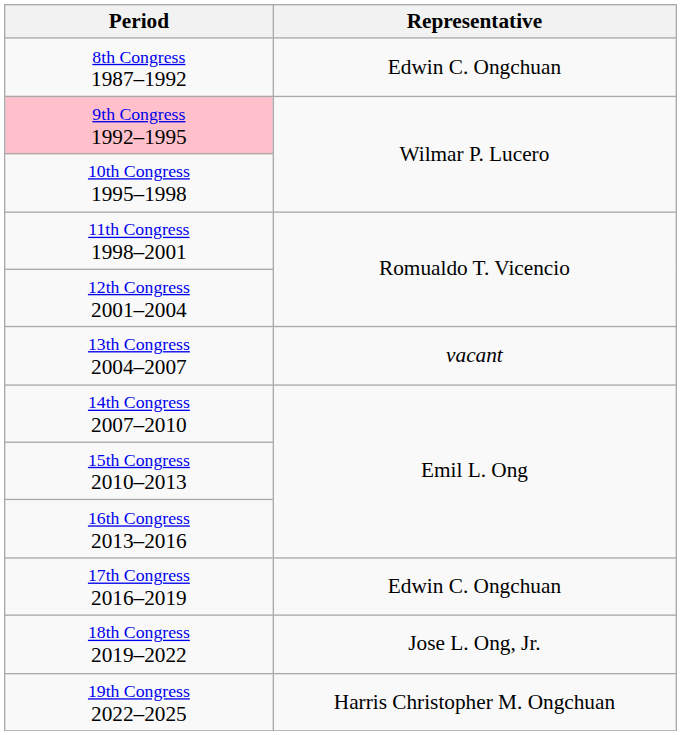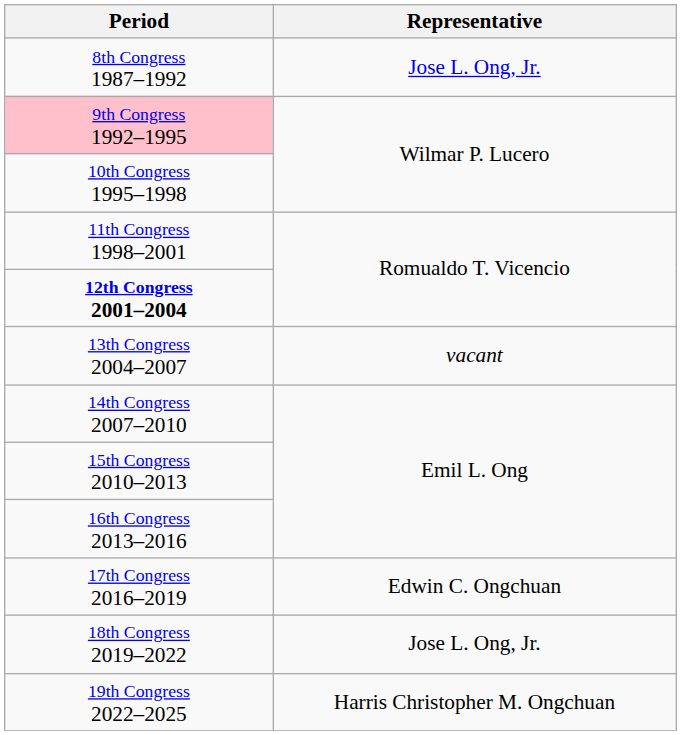 <table class="wikitable" style="text-align:center; width:40%;">
 <tr>
 <th width="40%">Period</th>
 <th>Representative</th>
 </tr>
 <tr>
 <td><small><a href='#'>8th Congress</a></small><br>1987–1992</td>
-<td>Edwin C. Ongchuan</td>
+<td><a href='#'>Jose L. Ong, Jr.</a></td>
 </tr>
 <tr>
 <td style="background: pink;"><small><a href='#'>9th Congress</a></small><br>1992–1995</td>
 <td rowspan="2">Wilmar P. Lucero</td>
 </tr>
 <tr>
 <td><small><a href='#'>10th Congress</a></small><br>1995–1998</td>
 </tr>
 <tr>
 <td><small><a href='#'>11th Congress</a></small><br>1998–2001</td>
 <td rowspan="3">Romualdo T. Vicencio</td>
 </tr>
 <tr>
-<td><small><a href='#'>12th Congress</a></small><br>2001–2004</td>
+<td><strong><small><a href='#'>12th Congress</a></small><br>2001–2004</strong></td>
 </tr>
 <tr>
 <td rowspan="2"><small><a href='#'>13th Congress</a></small><br>2004–2007</td>
 </tr>
 <tr>
 <td><em>vacant</em></td>
 </tr>
 <tr>
 <td><small><a href='#'>14th Congress</a></small><br>2007–2010</td>
 <td rowspan="3">Emil L. Ong</td>
 </tr>
 <tr>
 <td><small><a href='#'>15th Congress</a></small><br>2010–2013</td>
 </tr>
 <tr>
 <td><small><a href='#'>16th Congress</a></small><br>2013–2016</td>
 </tr>
 <tr>
 <td><small><a href='#'>17th Congress</a></small><br>2016–2019</td>
 <td>Edwin C. Ongchuan</td>
 </tr>
 <tr>
 <td><small><a href='#'>18th Congress</a></small><br>2019–2022</td>
 <td>Jose L. Ong, Jr.</td>
 </tr>
 <tr>
 <td><small><a href='#'>19th Congress</a></small><br>2022–2025</td>
 <td>Harris Christopher M. Ongchuan</td>
 </tr>
 </table>
